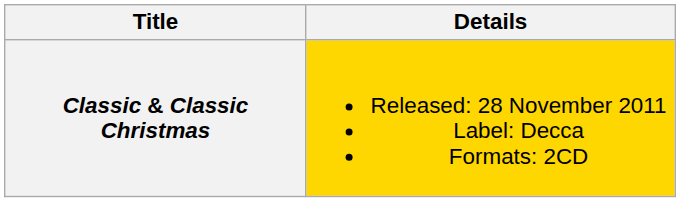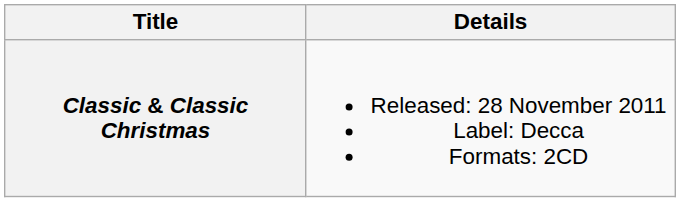 <table class="wikitable plainrowheaders" style="text-align:center;" border="1">
 <tr>
 <th scope="col" style="width:13em;">Title</th>
 <th scope="col" style="width:16em;">Details</th>
 </tr>
 <tr>
 <th scope="row"><em>Classic</em> & <em>Classic Christmas</em></th>
-<td style="background: gold;"><br><ul><li>Released: 28 November 2011</li><li>Label: Decca</li><li>Formats: 2CD</li></ul></td>
+<td><br><ul><li>Released: 28 November 2011</li><li>Label: Decca</li><li>Formats: 2CD</li></ul></td>
 </tr>
 </table>
